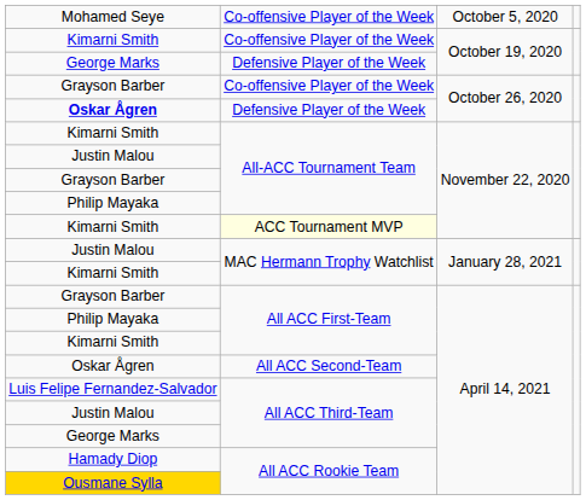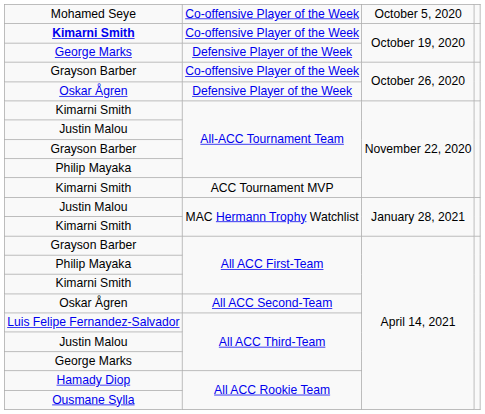 <table class="wikitable sortable" style="text-align: center">
 <tr>
 <td>Mohamed Seye</td>
 <td><a href='#'>Co-offensive Player of the Week</a></td>
 <td>October 5, 2020</td>
 <td></td>
 </tr>
 <tr>
-<td><a href='#'>Kimarni Smith</a></td>
+<td><strong><a href='#'>Kimarni Smith</a></strong></td>
 <td><a href='#'>Co-offensive Player of the Week</a></td>
 <td rowspan=2>October 19, 2020</td>
 <td rowspan=2></td>
 </tr>
 <tr>
 <td><a href='#'>George Marks</a></td>
 <td><a href='#'>Defensive Player of the Week</a></td>
 </tr>
 <tr>
 <td>Grayson Barber</td>
 <td><a href='#'>Co-offensive Player of the Week</a></td>
 <td rowspan=2>October 26, 2020</td>
 <td rowspan=2></td>
 </tr>
 <tr>
-<td><strong><a href='#'>Oskar Ågren</a></strong></td>
+<td><a href='#'>Oskar Ågren</a></td>
 <td><a href='#'>Defensive Player of the Week</a></td>
 </tr>
 <tr>
 <td>Kimarni Smith</td>
 <td rowspan=4><a href='#'>All-ACC Tournament Team</a></td>
 <td rowspan=5>November 22, 2020</td>
 <td rowspan=5></td>
 </tr>
 <tr>
 <td>Justin Malou</td>
 </tr>
 <tr>
 <td>Grayson Barber</td>
 </tr>
 <tr>
 <td>Philip Mayaka</td>
 </tr>
 <tr>
 <td>Kimarni Smith</td>
-<td style="background: lightyellow;">ACC Tournament MVP</td>
+<td>ACC Tournament MVP</td>
 </tr>
 <tr>
 <td>Justin Malou</td>
 <td rowspan=2>MAC <a href='#'>Hermann Trophy</a> Watchlist</td>
 <td rowspan=2>January 28, 2021</td>
 <td rowspan=2></td>
 </tr>
 <tr>
 <td>Kimarni Smith</td>
 </tr>
 <tr>
 <td>Grayson Barber</td>
 <td rowspan=3><a href='#'>All ACC First-Team</a></td>
 <td rowspan=9>April 14, 2021</td>
 <td rowspan=9></td>
 </tr>
 <tr>
 <td>Philip Mayaka</td>
 </tr>
 <tr>
 <td>Kimarni Smith</td>
 </tr>
 <tr>
 <td>Oskar Ågren</td>
 <td><a href='#'>All ACC Second-Team</a></td>
 </tr>
 <tr>
 <td><a href='#'>Luis Felipe Fernandez-Salvador</a></td>
 <td rowspan=3><a href='#'>All ACC Third-Team</a></td>
 </tr>
 <tr>
 <td>Justin Malou</td>
 </tr>
 <tr>
 <td>George Marks</td>
 </tr>
 <tr>
 <td><a href='#'>Hamady Diop</a></td>
 <td rowspan=2><a href='#'>All ACC Rookie Team</a></td>
 </tr>
 <tr>
-<td style="background: gold;"><a href='#'>Ousmane Sylla</a></td>
+<td><a href='#'>Ousmane Sylla</a></td>
 </tr>
 </table>
